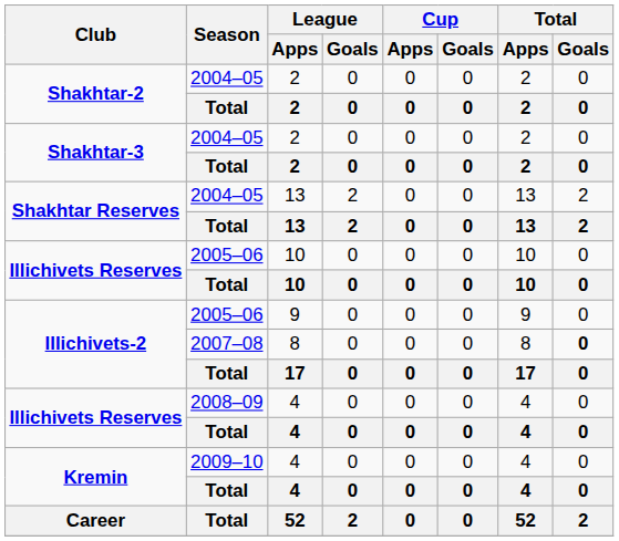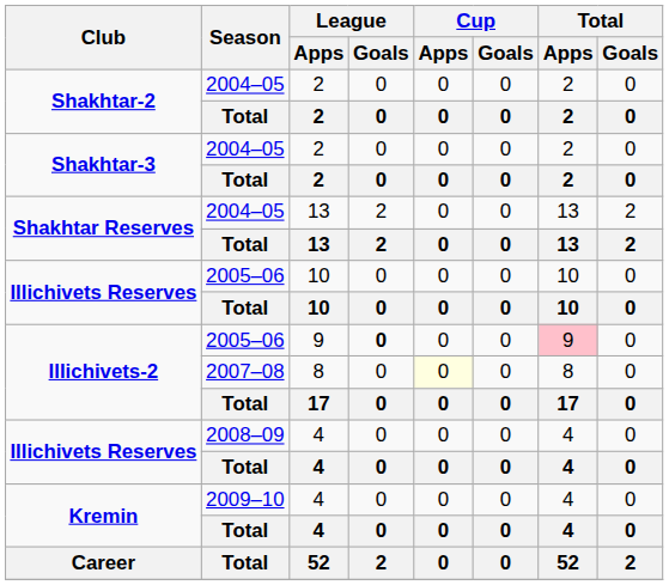 <table class="wikitable sortable" style="text-align: center;">
 <tr>
 <th rowspan="2">Club</th>
 <th rowspan="2">Season</th>
 <th colspan="2">League</th>
 <th colspan="2"><a href='#'>Cup</a></th>
 <th colspan="2">Total</th>
 </tr>
 <tr>
 <th>Apps</th>
 <th>Goals</th>
 <th>Apps</th>
 <th>Goals</th>
 <th>Apps</th>
 <th>Goals</th>
 </tr>
 <tr>
 <td rowspan="2"><strong><a href='#'>Shakhtar-2</a></strong></td>
 <td><a href='#'>2004–05</a></td>
 <td>2</td>
 <td>0</td>
 <td>0</td>
 <td>0</td>
 <td>2</td>
 <td>0</td>
 </tr>
 <tr>
 <th>Total</th>
 <th>2</th>
 <th>0</th>
 <th>0</th>
 <th>0</th>
 <th>2</th>
 <th>0</th>
 </tr>
 <tr>
 <td rowspan="2"><strong><a href='#'>Shakhtar-3</a></strong></td>
 <td><a href='#'>2004–05</a></td>
 <td>2</td>
 <td>0</td>
 <td>0</td>
 <td>0</td>
 <td>2</td>
 <td>0</td>
 </tr>
 <tr>
 <th>Total</th>
 <th>2</th>
 <th>0</th>
 <th>0</th>
 <th>0</th>
 <th>2</th>
 <th>0</th>
 </tr>
 <tr>
 <td rowspan="2"><strong><a href='#'>Shakhtar Reserves</a></strong></td>
 <td><a href='#'>2004–05</a></td>
 <td>13</td>
 <td>2</td>
 <td>0</td>
 <td>0</td>
 <td>13</td>
 <td>2</td>
 </tr>
 <tr>
 <th>Total</th>
 <th>13</th>
 <th>2</th>
 <th>0</th>
 <th>0</th>
 <th>13</th>
 <th>2</th>
 </tr>
 <tr>
 <td rowspan="2"><strong><a href='#'>Illichivets Reserves</a></strong></td>
 <td><a href='#'>2005–06</a></td>
 <td>10</td>
 <td>0</td>
 <td>0</td>
 <td>0</td>
 <td>10</td>
 <td>0</td>
 </tr>
 <tr>
 <th>Total</th>
 <th>10</th>
 <th>0</th>
 <th>0</th>
 <th>0</th>
 <th>10</th>
 <th>0</th>
 </tr>
 <tr>
 <td rowspan="3"><strong><a href='#'>Illichivets-2</a></strong></td>
 <td><a href='#'>2005–06</a></td>
 <td>9</td>
+<td><strong>0</strong></td>
 <td>0</td>
 <td>0</td>
-<td>0</td>
-<td>9</td>
+<td style="background: pink;">9</td>
 <td>0</td>
 </tr>
 <tr>
 <td><a href='#'>2007–08</a></td>
 <td>8</td>
 <td>0</td>
-<td>0</td>
+<td style="background: lightyellow;">0</td>
 <td>0</td>
 <td>8</td>
-<td><strong>0</strong></td>
+<td>0</td>
 </tr>
 <tr>
 <th>Total</th>
 <th>17</th>
 <th>0</th>
 <th>0</th>
 <th>0</th>
 <th>17</th>
 <th>0</th>
 </tr>
 <tr>
 <td rowspan="2"><strong><a href='#'>Illichivets Reserves</a></strong></td>
 <td><a href='#'>2008–09</a></td>
 <td>4</td>
 <td>0</td>
 <td>0</td>
 <td>0</td>
 <td>4</td>
 <td>0</td>
 </tr>
 <tr>
 <th>Total</th>
 <th>4</th>
 <th>0</th>
 <th>0</th>
 <th>0</th>
 <th>4</th>
 <th>0</th>
 </tr>
 <tr>
 <td rowspan="2"><strong><a href='#'>Kremin</a></strong></td>
 <td><a href='#'>2009–10</a></td>
 <td>4</td>
 <td>0</td>
 <td>0</td>
 <td>0</td>
 <td>4</td>
 <td>0</td>
 </tr>
 <tr>
 <th>Total</th>
 <th>4</th>
 <th>0</th>
 <th>0</th>
 <th>0</th>
 <th>4</th>
 <th>0</th>
 </tr>
 <tr>
 <th>Career</th>
 <th>Total</th>
 <th>52</th>
 <th>2</th>
 <th>0</th>
 <th>0</th>
 <th>52</th>
 <th>2</th>
 </tr>
 <tr>
 </tr>
 </table>
